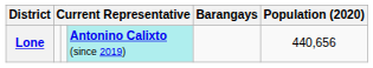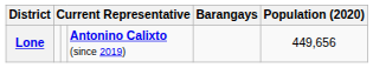 <table class="wikitable sortable" style="margin: 1em auto; font-size:100%; line-height:20px; text-align:center">
 <tr>
 <th>District</th>
 <th colspan="3">Current Representative</th>
 <th>Barangays</th>
 <th>Population (2020)</th>
 </tr>
 <tr>
 <th><a href='#'>Lone</a></th>
 <td style="background:"></td>
 <td></td>
-<td style="background: paleturquoise; text-align:left;"><strong><a href='#'>Antonino Calixto</a></strong><br><small>(since <a href='#'>2019</a>)</small></td>
+<td style="text-align:left;"><strong><a href='#'>Antonino Calixto</a></strong><br><small>(since <a href='#'>2019</a>)</small></td>
 <td></td>
-<td>440,656</td>
+<td>449,656</td>
 </tr>
 </table>
